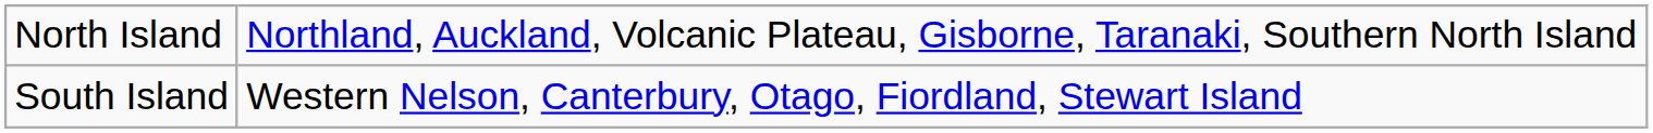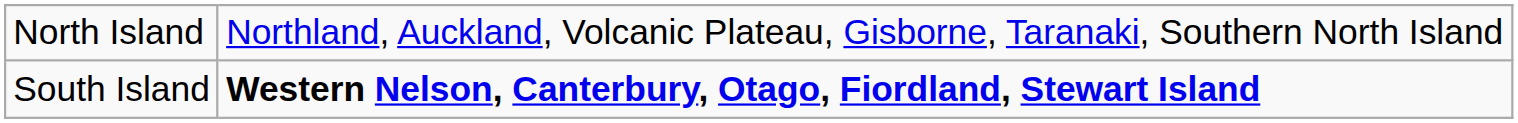 <table class="wikitable mw-collapsible">
 <tr>
 <td>North Island</td>
 <td><a href='#'>Northland</a>, <a href='#'>Auckland</a>, Volcanic Plateau, <a href='#'>Gisborne</a>, <a href='#'>Taranaki</a>, Southern North Island</td>
 </tr>
 <tr>
 <td>South Island</td>
-<td>Western <a href='#'>Nelson</a>, <a href='#'>Canterbury</a>, <a href='#'>Otago</a>, <a href='#'>Fiordland</a>, <a href='#'>Stewart Island</a></td>
+<td><strong>Western <a href='#'>Nelson</a>, <a href='#'>Canterbury</a>, <a href='#'>Otago</a>, <a href='#'>Fiordland</a>, <a href='#'>Stewart Island</a></strong></td>
 </tr>
 </table>
